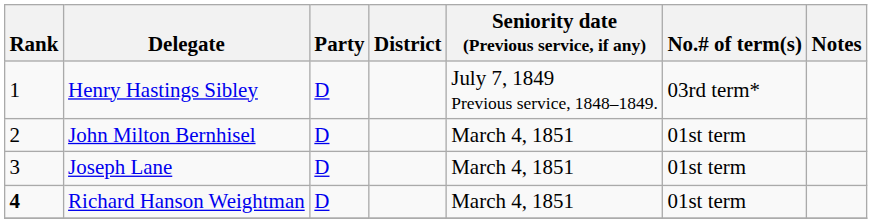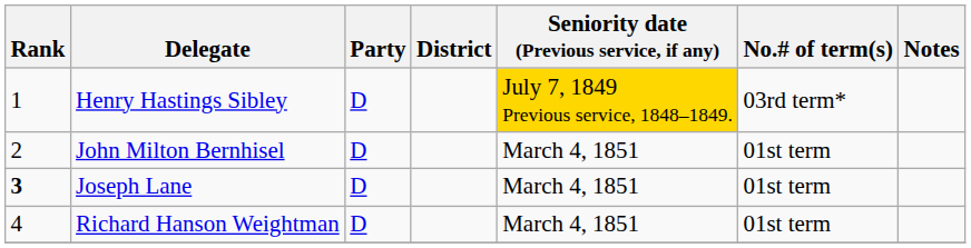 <table class="wikitable sortable">
 <tr valign=bottom>
 <th>Rank</th>
 <th>Delegate</th>
 <th>Party</th>
 <th>District</th>
 <th>Seniority date<br><small>(Previous service, if any)</small><br></th>
 <th>No.# of term(s)</th>
 <th>Notes</th>
 </tr>
 <tr>
 <td>1</td>
 <td><a href='#'>Henry Hastings Sibley</a></td>
 <td><a href='#'>D</a></td>
 <td></td>
-<td>July 7, 1849<br><small>Previous service, 1848–1849.</small></td>
+<td style="background: gold;">July 7, 1849<br><small>Previous service, 1848–1849.</small></td>
 <td>03rd term*</td>
 <td></td>
 </tr>
 <tr>
 <td>2</td>
 <td><a href='#'>John Milton Bernhisel</a></td>
 <td><a href='#'>D</a></td>
 <td></td>
 <td>March 4, 1851</td>
 <td>01st term</td>
 <td></td>
 </tr>
 <tr>
-<td>3</td>
+<td><strong>3</strong></td>
 <td><a href='#'>Joseph Lane</a></td>
 <td><a href='#'>D</a></td>
 <td></td>
 <td>March 4, 1851</td>
 <td>01st term</td>
 <td></td>
 </tr>
 <tr>
-<td><strong>4</strong></td>
+<td>4</td>
 <td><a href='#'>Richard Hanson Weightman</a></td>
 <td><a href='#'>D</a></td>
 <td></td>
 <td>March 4, 1851</td>
 <td>01st term</td>
 <td></td>
 </tr>
 <tr>
 </tr>
 </table>
